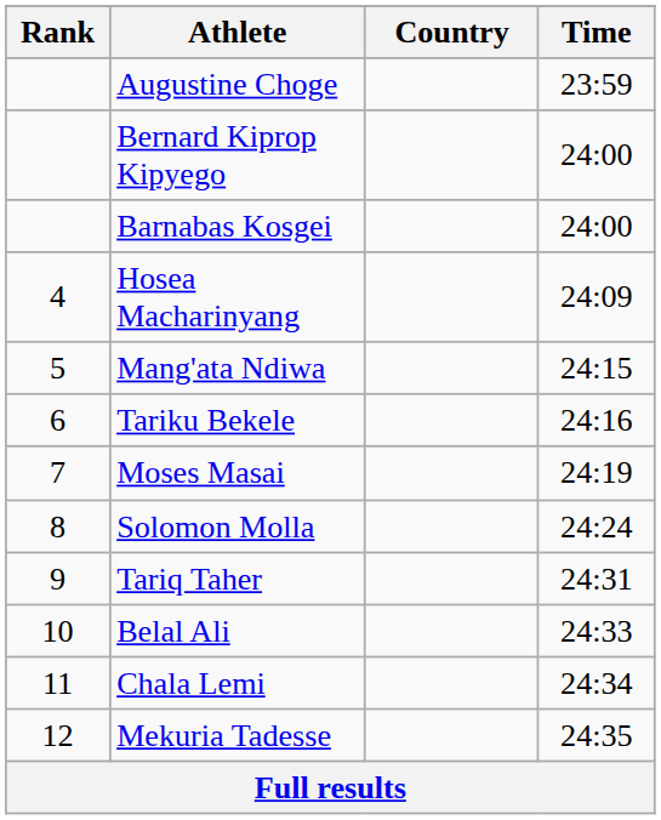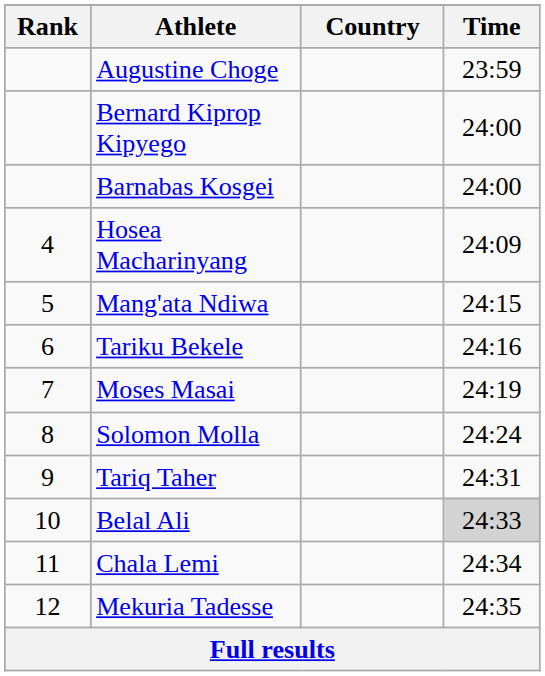 <table class="wikitable sortable" style=" text-align:center; font-size:95%;" width="50%">
 <tr>
 </tr>
 <tr>
 <th width=5%>Rank</th>
 <th width=20%>Athlete</th>
 <th width=15%>Country</th>
 <th width=10%>Time</th>
 </tr>
 <tr>
 <td align=center></td>
 <td align=left><a href='#'>Augustine Choge</a></td>
 <td align=left></td>
 <td>23:59</td>
 </tr>
 <tr>
 <td align=center></td>
 <td align=left><a href='#'>Bernard Kiprop Kipyego</a></td>
 <td align=left></td>
 <td>24:00</td>
 </tr>
 <tr>
 <td align=center></td>
 <td align=left><a href='#'>Barnabas Kosgei</a></td>
 <td align=left></td>
 <td>24:00</td>
 </tr>
 <tr>
 <td align=center>4</td>
 <td align=left><a href='#'>Hosea Macharinyang</a></td>
 <td align=left></td>
 <td>24:09</td>
 </tr>
 <tr>
 <td align=center>5</td>
 <td align=left><a href='#'>Mang'ata Ndiwa</a></td>
 <td align=left></td>
 <td>24:15</td>
 </tr>
 <tr>
 <td align=center>6</td>
 <td align=left><a href='#'>Tariku Bekele</a></td>
 <td align=left></td>
 <td>24:16</td>
 </tr>
 <tr>
 <td align=center>7</td>
 <td align=left><a href='#'>Moses Masai</a></td>
 <td align=left></td>
 <td>24:19</td>
 </tr>
 <tr>
 <td align=center>8</td>
 <td align=left><a href='#'>Solomon Molla</a></td>
 <td align=left></td>
 <td>24:24</td>
 </tr>
 <tr>
 <td align=center>9</td>
 <td align=left><a href='#'>Tariq Taher</a></td>
 <td align=left></td>
 <td>24:31</td>
 </tr>
 <tr>
 <td align=center>10</td>
 <td align=left><a href='#'>Belal Ali</a></td>
 <td align=left></td>
-<td>24:33</td>
+<td style="background: lightgrey;">24:33</td>
 </tr>
 <tr>
 <td align=center>11</td>
 <td align=left><a href='#'>Chala Lemi</a></td>
 <td align=left></td>
 <td>24:34</td>
 </tr>
 <tr>
 <td align=center>12</td>
 <td align=left><a href='#'>Mekuria Tadesse</a></td>
 <td align=left></td>
 <td>24:35</td>
 </tr>
 <tr class="sortbottom">
 <th colspan=4 align=center><a href='#'>Full results</a></th>
 </tr>
 </table>
